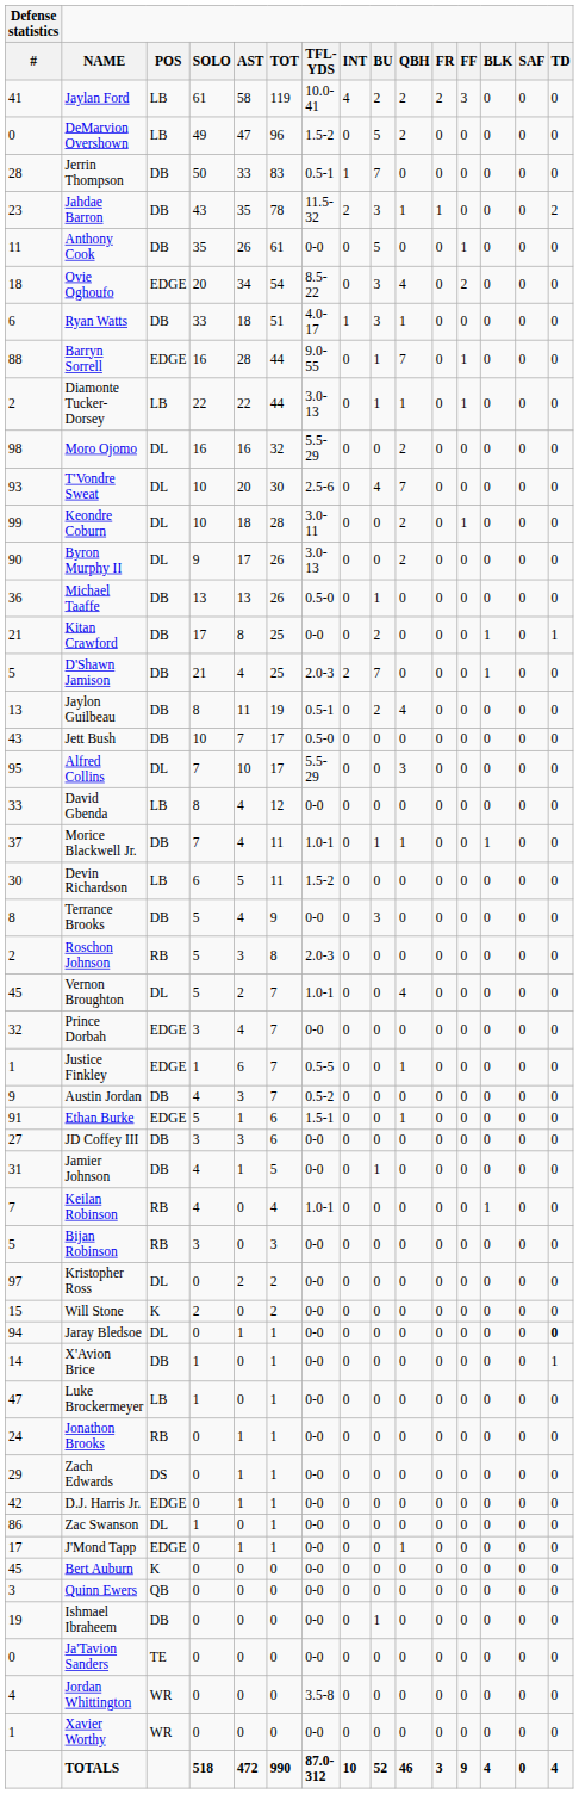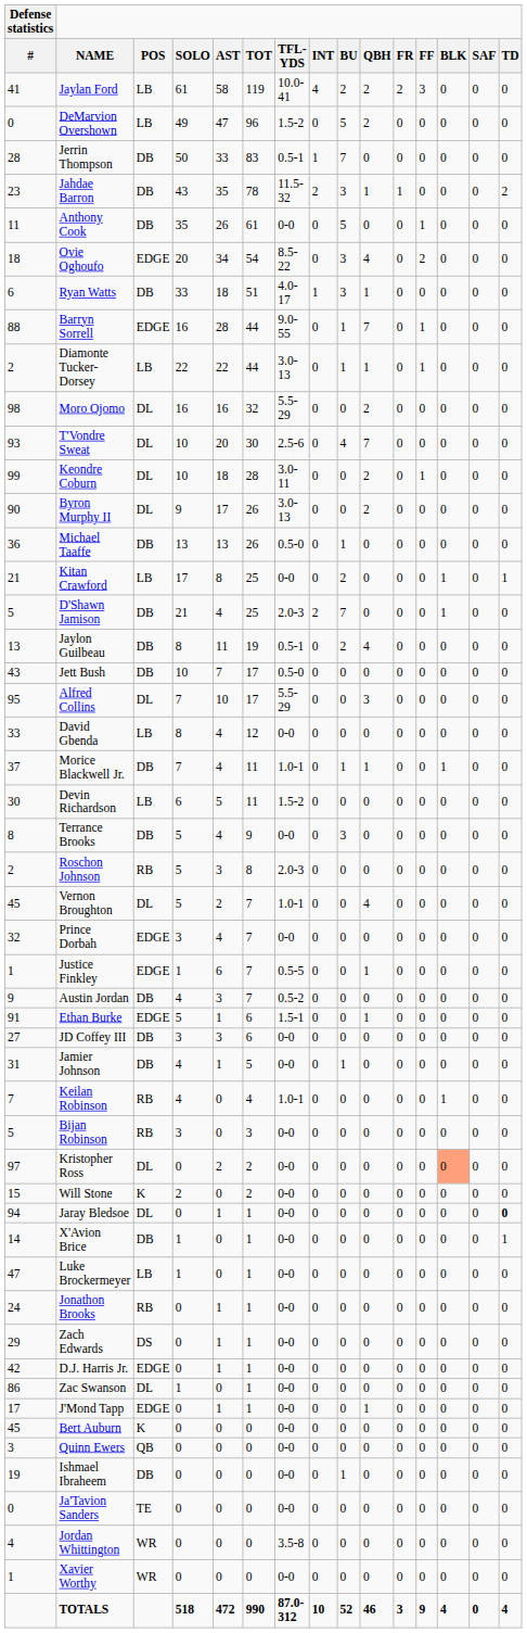 <table class="wikitable">
 <tr>
 <th style="text-align:center; ">Defense statistics</th>
 </tr>
 <tr>
 <th>#</th>
 <th>NAME</th>
 <th>POS</th>
 <th>SOLO</th>
 <th>AST</th>
 <th>TOT</th>
 <th>TFL-YDS</th>
 <th>INT</th>
 <th>BU</th>
 <th>QBH</th>
 <th>FR</th>
 <th>FF</th>
 <th>BLK</th>
 <th>SAF</th>
 <th>TD</th>
 </tr>
 <tr>
 <td>41</td>
 <td><a href='#'>Jaylan Ford</a></td>
 <td>LB</td>
 <td>61</td>
 <td>58</td>
 <td>119</td>
 <td>10.0-41</td>
 <td>4</td>
 <td>2</td>
 <td>2</td>
 <td>2</td>
 <td>3</td>
 <td>0</td>
 <td>0</td>
 <td>0</td>
 </tr>
 <tr>
 <td>0</td>
 <td><a href='#'>DeMarvion Overshown</a></td>
 <td>LB</td>
 <td>49</td>
 <td>47</td>
 <td>96</td>
 <td>1.5-2</td>
 <td>0</td>
 <td>5</td>
 <td>2</td>
 <td>0</td>
 <td>0</td>
 <td>0</td>
 <td>0</td>
 <td>0</td>
 </tr>
 <tr>
 <td>28</td>
 <td>Jerrin Thompson</td>
 <td>DB</td>
 <td>50</td>
 <td>33</td>
 <td>83</td>
 <td>0.5-1</td>
 <td>1</td>
 <td>7</td>
 <td>0</td>
 <td>0</td>
 <td>0</td>
 <td>0</td>
 <td>0</td>
 <td>0</td>
 </tr>
 <tr>
 <td>23</td>
 <td><a href='#'>Jahdae Barron</a></td>
 <td>DB</td>
 <td>43</td>
 <td>35</td>
 <td>78</td>
 <td>11.5-32</td>
 <td>2</td>
 <td>3</td>
 <td>1</td>
 <td>1</td>
 <td>0</td>
 <td>0</td>
 <td>0</td>
 <td>2</td>
 </tr>
 <tr>
 <td>11</td>
 <td><a href='#'>Anthony Cook</a></td>
 <td>DB</td>
 <td>35</td>
 <td>26</td>
 <td>61</td>
 <td>0-0</td>
 <td>0</td>
 <td>5</td>
 <td>0</td>
 <td>0</td>
 <td>1</td>
 <td>0</td>
 <td>0</td>
 <td>0</td>
 </tr>
 <tr>
 <td>18</td>
 <td><a href='#'>Ovie Oghoufo</a></td>
 <td>EDGE</td>
 <td>20</td>
 <td>34</td>
 <td>54</td>
 <td>8.5-22</td>
 <td>0</td>
 <td>3</td>
 <td>4</td>
 <td>0</td>
 <td>2</td>
 <td>0</td>
 <td>0</td>
 <td>0</td>
 </tr>
 <tr>
 <td>6</td>
 <td><a href='#'>Ryan Watts</a></td>
 <td>DB</td>
 <td>33</td>
 <td>18</td>
 <td>51</td>
 <td>4.0-17</td>
 <td>1</td>
 <td>3</td>
 <td>1</td>
 <td>0</td>
 <td>0</td>
 <td>0</td>
 <td>0</td>
 <td>0</td>
 </tr>
 <tr>
 <td>88</td>
 <td><a href='#'>Barryn Sorrell</a></td>
 <td>EDGE</td>
 <td>16</td>
 <td>28</td>
 <td>44</td>
 <td>9.0-55</td>
 <td>0</td>
 <td>1</td>
 <td>7</td>
 <td>0</td>
 <td>1</td>
 <td>0</td>
 <td>0</td>
 <td>0</td>
 </tr>
 <tr>
 <td>2</td>
 <td>Diamonte Tucker-Dorsey</td>
 <td>LB</td>
 <td>22</td>
 <td>22</td>
 <td>44</td>
 <td>3.0-13</td>
 <td>0</td>
 <td>1</td>
 <td>1</td>
 <td>0</td>
 <td>1</td>
 <td>0</td>
 <td>0</td>
 <td>0</td>
 </tr>
 <tr>
 <td>98</td>
 <td><a href='#'>Moro Ojomo</a></td>
 <td>DL</td>
 <td>16</td>
 <td>16</td>
 <td>32</td>
 <td>5.5-29</td>
 <td>0</td>
 <td>0</td>
 <td>2</td>
 <td>0</td>
 <td>0</td>
 <td>0</td>
 <td>0</td>
 <td>0</td>
 </tr>
 <tr>
 <td>93</td>
 <td><a href='#'>T'Vondre Sweat</a></td>
 <td>DL</td>
 <td>10</td>
 <td>20</td>
 <td>30</td>
 <td>2.5-6</td>
 <td>0</td>
 <td>4</td>
 <td>7</td>
 <td>0</td>
 <td>0</td>
 <td>0</td>
 <td>0</td>
 <td>0</td>
 </tr>
 <tr>
 <td>99</td>
 <td><a href='#'>Keondre Coburn</a></td>
 <td>DL</td>
 <td>10</td>
 <td>18</td>
 <td>28</td>
 <td>3.0-11</td>
 <td>0</td>
 <td>0</td>
 <td>2</td>
 <td>0</td>
 <td>1</td>
 <td>0</td>
 <td>0</td>
 <td>0</td>
 </tr>
 <tr>
 <td>90</td>
 <td><a href='#'>Byron Murphy II</a></td>
 <td>DL</td>
 <td>9</td>
 <td>17</td>
 <td>26</td>
 <td>3.0-13</td>
 <td>0</td>
 <td>0</td>
 <td>2</td>
 <td>0</td>
 <td>0</td>
 <td>0</td>
 <td>0</td>
 <td>0</td>
 </tr>
 <tr>
 <td>36</td>
 <td><a href='#'>Michael Taaffe</a></td>
 <td>DB</td>
 <td>13</td>
 <td>13</td>
 <td>26</td>
 <td>0.5-0</td>
 <td>0</td>
 <td>1</td>
 <td>0</td>
 <td>0</td>
 <td>0</td>
 <td>0</td>
 <td>0</td>
 <td>0</td>
 </tr>
 <tr>
 <td>21</td>
 <td><a href='#'>Kitan Crawford</a></td>
-<td>DB</td>
+<td>LB</td>
 <td>17</td>
 <td>8</td>
 <td>25</td>
 <td>0-0</td>
 <td>0</td>
 <td>2</td>
 <td>0</td>
 <td>0</td>
 <td>0</td>
 <td>1</td>
 <td>0</td>
 <td>1</td>
 </tr>
 <tr>
 <td>5</td>
 <td><a href='#'>D'Shawn Jamison</a></td>
 <td>DB</td>
 <td>21</td>
 <td>4</td>
 <td>25</td>
 <td>2.0-3</td>
 <td>2</td>
 <td>7</td>
 <td>0</td>
 <td>0</td>
 <td>0</td>
 <td>1</td>
 <td>0</td>
 <td>0</td>
 </tr>
 <tr>
 <td>13</td>
 <td>Jaylon Guilbeau</td>
 <td>DB</td>
 <td>8</td>
 <td>11</td>
 <td>19</td>
 <td>0.5-1</td>
 <td>0</td>
 <td>2</td>
 <td>4</td>
 <td>0</td>
 <td>0</td>
 <td>0</td>
 <td>0</td>
 <td>0</td>
 </tr>
 <tr>
 <td>43</td>
 <td>Jett Bush</td>
 <td>DB</td>
 <td>10</td>
 <td>7</td>
 <td>17</td>
 <td>0.5-0</td>
 <td>0</td>
 <td>0</td>
 <td>0</td>
 <td>0</td>
 <td>0</td>
 <td>0</td>
 <td>0</td>
 <td>0</td>
 </tr>
 <tr>
 <td>95</td>
 <td><a href='#'>Alfred Collins</a></td>
 <td>DL</td>
 <td>7</td>
 <td>10</td>
 <td>17</td>
 <td>5.5-29</td>
 <td>0</td>
 <td>0</td>
 <td>3</td>
 <td>0</td>
 <td>0</td>
 <td>0</td>
 <td>0</td>
 <td>0</td>
 </tr>
 <tr>
 <td>33</td>
 <td>David Gbenda</td>
 <td>LB</td>
 <td>8</td>
 <td>4</td>
 <td>12</td>
 <td>0-0</td>
 <td>0</td>
 <td>0</td>
 <td>0</td>
 <td>0</td>
 <td>0</td>
 <td>0</td>
 <td>0</td>
 <td>0</td>
 </tr>
 <tr>
 <td>37</td>
 <td>Morice Blackwell Jr.</td>
 <td>DB</td>
 <td>7</td>
 <td>4</td>
 <td>11</td>
 <td>1.0-1</td>
 <td>0</td>
 <td>1</td>
 <td>1</td>
 <td>0</td>
 <td>0</td>
 <td>1</td>
 <td>0</td>
 <td>0</td>
 </tr>
 <tr>
 <td>30</td>
 <td>Devin Richardson</td>
 <td>LB</td>
 <td>6</td>
 <td>5</td>
 <td>11</td>
 <td>1.5-2</td>
 <td>0</td>
 <td>0</td>
 <td>0</td>
 <td>0</td>
 <td>0</td>
 <td>0</td>
 <td>0</td>
 <td>0</td>
 </tr>
 <tr>
 <td>8</td>
 <td>Terrance Brooks</td>
 <td>DB</td>
 <td>5</td>
 <td>4</td>
 <td>9</td>
 <td>0-0</td>
 <td>0</td>
 <td>3</td>
 <td>0</td>
 <td>0</td>
 <td>0</td>
 <td>0</td>
 <td>0</td>
 <td>0</td>
 </tr>
 <tr>
 <td>2</td>
 <td><a href='#'>Roschon Johnson</a></td>
 <td>RB</td>
 <td>5</td>
 <td>3</td>
 <td>8</td>
 <td>2.0-3</td>
 <td>0</td>
 <td>0</td>
 <td>0</td>
 <td>0</td>
 <td>0</td>
 <td>0</td>
 <td>0</td>
 <td>0</td>
 </tr>
 <tr>
 <td>45</td>
 <td>Vernon Broughton</td>
 <td>DL</td>
 <td>5</td>
 <td>2</td>
 <td>7</td>
 <td>1.0-1</td>
 <td>0</td>
 <td>0</td>
 <td>4</td>
 <td>0</td>
 <td>0</td>
 <td>0</td>
 <td>0</td>
 <td>0</td>
 </tr>
 <tr>
 <td>32</td>
 <td>Prince Dorbah</td>
 <td>EDGE</td>
 <td>3</td>
 <td>4</td>
 <td>7</td>
 <td>0-0</td>
 <td>0</td>
 <td>0</td>
 <td>0</td>
 <td>0</td>
 <td>0</td>
 <td>0</td>
 <td>0</td>
 <td>0</td>
 </tr>
 <tr>
 <td>1</td>
 <td>Justice Finkley</td>
 <td>EDGE</td>
 <td>1</td>
 <td>6</td>
 <td>7</td>
 <td>0.5-5</td>
 <td>0</td>
 <td>0</td>
 <td>1</td>
 <td>0</td>
 <td>0</td>
 <td>0</td>
 <td>0</td>
 <td>0</td>
 </tr>
 <tr>
 <td>9</td>
 <td>Austin Jordan</td>
 <td>DB</td>
 <td>4</td>
 <td>3</td>
 <td>7</td>
 <td>0.5-2</td>
 <td>0</td>
 <td>0</td>
 <td>0</td>
 <td>0</td>
 <td>0</td>
 <td>0</td>
 <td>0</td>
 <td>0</td>
 </tr>
 <tr>
 <td>91</td>
 <td><a href='#'>Ethan Burke</a></td>
 <td>EDGE</td>
 <td>5</td>
 <td>1</td>
 <td>6</td>
 <td>1.5-1</td>
 <td>0</td>
 <td>0</td>
 <td>1</td>
 <td>0</td>
 <td>0</td>
 <td>0</td>
 <td>0</td>
 <td>0</td>
 </tr>
 <tr>
 <td>27</td>
 <td>JD Coffey III</td>
 <td>DB</td>
 <td>3</td>
 <td>3</td>
 <td>6</td>
 <td>0-0</td>
 <td>0</td>
 <td>0</td>
 <td>0</td>
 <td>0</td>
 <td>0</td>
 <td>0</td>
 <td>0</td>
 <td>0</td>
 </tr>
 <tr>
 <td>31</td>
 <td>Jamier Johnson</td>
 <td>DB</td>
 <td>4</td>
 <td>1</td>
 <td>5</td>
 <td>0-0</td>
 <td>0</td>
 <td>1</td>
 <td>0</td>
 <td>0</td>
 <td>0</td>
 <td>0</td>
 <td>0</td>
 <td>0</td>
 </tr>
 <tr>
 <td>7</td>
 <td><a href='#'>Keilan Robinson</a></td>
 <td>RB</td>
 <td>4</td>
 <td>0</td>
 <td>4</td>
 <td>1.0-1</td>
 <td>0</td>
 <td>0</td>
 <td>0</td>
 <td>0</td>
 <td>0</td>
 <td>1</td>
 <td>0</td>
 <td>0</td>
 </tr>
 <tr>
 <td>5</td>
 <td><a href='#'>Bijan Robinson</a></td>
 <td>RB</td>
 <td>3</td>
 <td>0</td>
 <td>3</td>
 <td>0-0</td>
 <td>0</td>
 <td>0</td>
 <td>0</td>
 <td>0</td>
 <td>0</td>
 <td>0</td>
 <td>0</td>
 <td>0</td>
 </tr>
 <tr>
 <td>97</td>
 <td>Kristopher Ross</td>
 <td>DL</td>
 <td>0</td>
 <td>2</td>
 <td>2</td>
 <td>0-0</td>
 <td>0</td>
 <td>0</td>
 <td>0</td>
 <td>0</td>
 <td>0</td>
-<td>0</td>
+<td style="background: lightsalmon;">0</td>
 <td>0</td>
 <td>0</td>
 </tr>
 <tr>
 <td>15</td>
 <td>Will Stone</td>
 <td>K</td>
 <td>2</td>
 <td>0</td>
 <td>2</td>
 <td>0-0</td>
 <td>0</td>
 <td>0</td>
 <td>0</td>
 <td>0</td>
 <td>0</td>
 <td>0</td>
 <td>0</td>
 <td>0</td>
 </tr>
 <tr>
 <td>94</td>
 <td>Jaray Bledsoe</td>
 <td>DL</td>
 <td>0</td>
 <td>1</td>
 <td>1</td>
 <td>0-0</td>
 <td>0</td>
 <td>0</td>
 <td>0</td>
 <td>0</td>
 <td>0</td>
 <td>0</td>
 <td>0</td>
 <td><strong>0</strong></td>
 </tr>
 <tr>
 <td>14</td>
 <td>X'Avion Brice</td>
 <td>DB</td>
 <td>1</td>
 <td>0</td>
 <td>1</td>
 <td>0-0</td>
 <td>0</td>
 <td>0</td>
 <td>0</td>
 <td>0</td>
 <td>0</td>
 <td>0</td>
 <td>0</td>
 <td>1</td>
 </tr>
 <tr>
 <td>47</td>
 <td>Luke Brockermeyer</td>
 <td>LB</td>
 <td>1</td>
 <td>0</td>
 <td>1</td>
 <td>0-0</td>
 <td>0</td>
 <td>0</td>
 <td>0</td>
 <td>0</td>
 <td>0</td>
 <td>0</td>
 <td>0</td>
 <td>0</td>
 </tr>
 <tr>
 <td>24</td>
 <td><a href='#'>Jonathon Brooks</a></td>
 <td>RB</td>
 <td>0</td>
 <td>1</td>
 <td>1</td>
 <td>0-0</td>
 <td>0</td>
 <td>0</td>
 <td>0</td>
 <td>0</td>
 <td>0</td>
 <td>0</td>
 <td>0</td>
 <td>0</td>
 </tr>
 <tr>
 <td>29</td>
 <td>Zach Edwards</td>
 <td>DS</td>
 <td>0</td>
 <td>1</td>
 <td>1</td>
 <td>0-0</td>
 <td>0</td>
 <td>0</td>
 <td>0</td>
 <td>0</td>
 <td>0</td>
 <td>0</td>
 <td>0</td>
 <td>0</td>
 </tr>
 <tr>
 <td>42</td>
 <td>D.J. Harris Jr.</td>
 <td>EDGE</td>
 <td>0</td>
 <td>1</td>
 <td>1</td>
 <td>0-0</td>
 <td>0</td>
 <td>0</td>
 <td>0</td>
 <td>0</td>
 <td>0</td>
 <td>0</td>
 <td>0</td>
 <td>0</td>
 </tr>
 <tr>
 <td>86</td>
 <td>Zac Swanson</td>
 <td>DL</td>
 <td>1</td>
 <td>0</td>
 <td>1</td>
 <td>0-0</td>
 <td>0</td>
 <td>0</td>
 <td>0</td>
 <td>0</td>
 <td>0</td>
 <td>0</td>
 <td>0</td>
 <td>0</td>
 </tr>
 <tr>
 <td>17</td>
 <td>J'Mond Tapp</td>
 <td>EDGE</td>
 <td>0</td>
 <td>1</td>
 <td>1</td>
 <td>0-0</td>
 <td>0</td>
 <td>0</td>
 <td>1</td>
 <td>0</td>
 <td>0</td>
 <td>0</td>
 <td>0</td>
 <td>0</td>
 </tr>
 <tr>
 <td>45</td>
 <td><a href='#'>Bert Auburn</a></td>
 <td>K</td>
 <td>0</td>
 <td>0</td>
 <td>0</td>
 <td>0-0</td>
 <td>0</td>
 <td>0</td>
 <td>0</td>
 <td>0</td>
 <td>0</td>
 <td>0</td>
 <td>0</td>
 <td>0</td>
 </tr>
 <tr>
 <td>3</td>
 <td><a href='#'>Quinn Ewers</a></td>
 <td>QB</td>
 <td>0</td>
 <td>0</td>
 <td>0</td>
 <td>0-0</td>
 <td>0</td>
 <td>0</td>
 <td>0</td>
 <td>0</td>
 <td>0</td>
 <td>0</td>
 <td>0</td>
 <td>0</td>
 </tr>
 <tr>
 <td>19</td>
 <td>Ishmael Ibraheem</td>
 <td>DB</td>
 <td>0</td>
 <td>0</td>
 <td>0</td>
 <td>0-0</td>
 <td>0</td>
 <td>1</td>
 <td>0</td>
 <td>0</td>
 <td>0</td>
 <td>0</td>
 <td>0</td>
 <td>0</td>
 </tr>
 <tr>
 <td>0</td>
 <td><a href='#'>Ja'Tavion Sanders</a></td>
 <td>TE</td>
 <td>0</td>
 <td>0</td>
 <td>0</td>
 <td>0-0</td>
 <td>0</td>
 <td>0</td>
 <td>0</td>
 <td>0</td>
 <td>0</td>
 <td>0</td>
 <td>0</td>
 <td>0</td>
 </tr>
 <tr>
 <td>4</td>
 <td><a href='#'>Jordan Whittington</a></td>
 <td>WR</td>
 <td>0</td>
 <td>0</td>
 <td>0</td>
 <td>3.5-8</td>
 <td>0</td>
 <td>0</td>
 <td>0</td>
 <td>0</td>
 <td>0</td>
 <td>0</td>
 <td>0</td>
 <td>0</td>
 </tr>
 <tr>
 <td>1</td>
 <td><a href='#'>Xavier Worthy</a></td>
 <td>WR</td>
 <td>0</td>
 <td>0</td>
 <td>0</td>
 <td>0-0</td>
 <td>0</td>
 <td>0</td>
 <td>0</td>
 <td>0</td>
 <td>0</td>
 <td>0</td>
 <td>0</td>
 <td>0</td>
 </tr>
 <tr>
 <td></td>
 <td><strong>TOTALS</strong></td>
 <td></td>
 <td><strong>518</strong></td>
 <td><strong>472</strong></td>
 <td><strong>990</strong></td>
 <td><strong>87.0-312</strong></td>
 <td><strong>10</strong></td>
 <td><strong>52</strong></td>
 <td><strong>46</strong></td>
 <td><strong>3</strong></td>
 <td><strong>9</strong></td>
 <td><strong>4</strong></td>
 <td><strong>0</strong></td>
 <td><strong>4</strong></td>
 </tr>
 </table>
